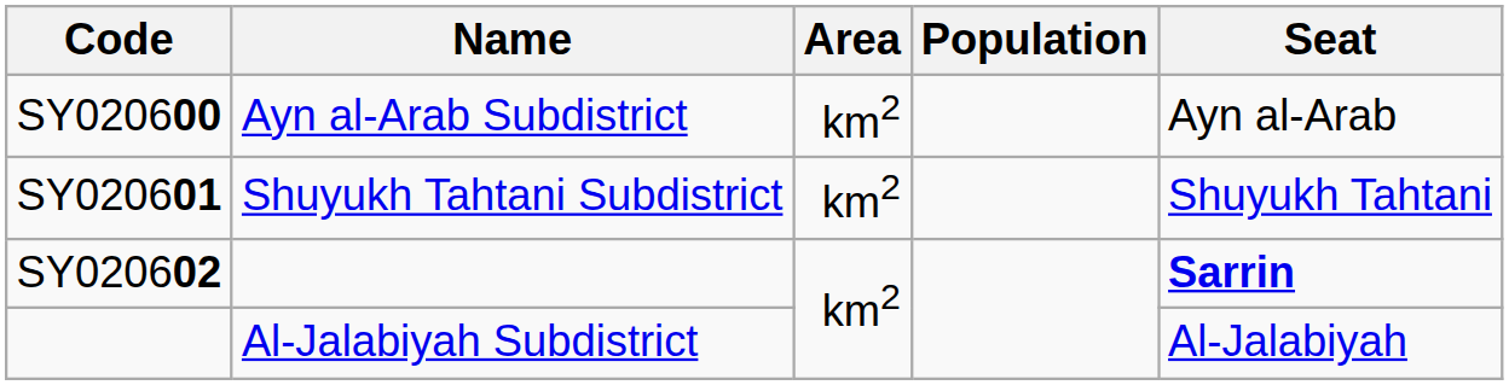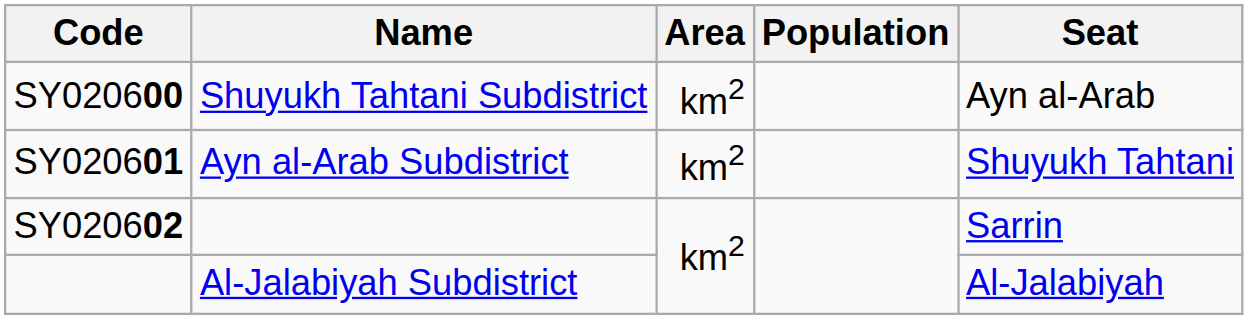 <table class="wikitable sortable">
 <tr>
 <th>Code</th>
 <th>Name</th>
 <th>Area</th>
 <th>Population</th>
 <th>Seat</th>
 </tr>
 <tr>
 <td>SY0206<strong>00</strong></td>
-<td><a href='#'>Ayn al-Arab Subdistrict</a></td>
+<td><a href='#'>Shuyukh Tahtani Subdistrict</a></td>
 <td align=right> km<sup>2</sup></td>
 <td align=right></td>
 <td>Ayn al-Arab</td>
 </tr>
 <tr>
 <td>SY0206<strong>01</strong></td>
-<td><a href='#'>Shuyukh Tahtani Subdistrict</a></td>
+<td><a href='#'>Ayn al-Arab Subdistrict</a></td>
 <td align=right> km<sup>2</sup></td>
 <td align=right></td>
 <td><a href='#'>Shuyukh Tahtani</a></td>
 </tr>
 <tr>
 <td>SY0206<strong>02</strong></td>
 <td></td>
 <td align=right rowspan=2> km<sup>2</sup></td>
 <td align=right rowspan=2></td>
-<td><strong><a href='#'>Sarrin</a></strong></td>
+<td><a href='#'>Sarrin</a></td>
 </tr>
 <tr>
 <td></td>
 <td><a href='#'>Al-Jalabiyah Subdistrict</a></td>
 <td><a href='#'>Al-Jalabiyah</a></td>
 </tr>
 </table>
